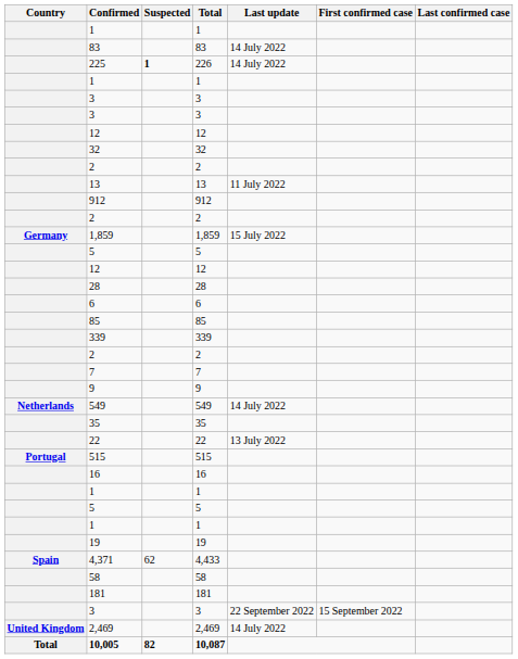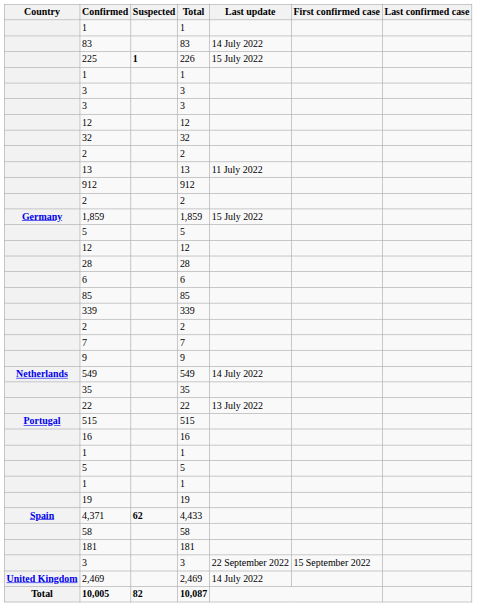 <table class="wikitable sortable plainrowheaders">
 <tr>
 <th scope="col">Country</th>
 <th scope="col" data-sort-type=number>Confirmed</th>
 <th scope="col" data-sort-type=number>Suspected</th>
 <th scope="col" data-sort-type=number>Total</th>
 <th scope="col">Last update</th>
 <th scope="col">First confirmed case</th>
 <th scope="col">Last confirmed case</th>
 </tr>
 <tr>
 <th scope="row"></th>
 <td>1</td>
 <td></td>
 <td>1</td>
 <td></td>
 <td></td>
 <td></td>
 </tr>
 <tr>
 <th scope="row"></th>
 <td>83</td>
 <td></td>
 <td>83</td>
 <td>14 July 2022</td>
 <td></td>
 <td></td>
 </tr>
 <tr>
 <th scope="row"></th>
 <td>225</td>
 <td><strong>1</strong></td>
 <td>226</td>
-<td>14 July 2022</td>
+<td>15 July 2022</td>
 <td></td>
 <td></td>
 </tr>
 <tr>
 <th scope="row"></th>
 <td>1</td>
 <td></td>
 <td>1</td>
 <td></td>
 <td></td>
 <td></td>
 </tr>
 <tr>
 <th scope="row"></th>
 <td>3</td>
 <td></td>
 <td>3</td>
 <td></td>
 <td></td>
 <td></td>
 </tr>
 <tr>
 <th scope="row"></th>
 <td>3</td>
 <td></td>
 <td>3</td>
 <td></td>
 <td></td>
 <td></td>
 </tr>
 <tr>
 <th scope="row"></th>
 <td>12</td>
 <td></td>
 <td>12</td>
 <td></td>
 <td></td>
 <td></td>
 </tr>
 <tr>
 <th scope="row"></th>
 <td>32</td>
 <td></td>
 <td>32</td>
 <td></td>
 <td></td>
 <td></td>
 </tr>
 <tr>
 <th scope="row"></th>
 <td>2</td>
 <td></td>
 <td>2</td>
 <td></td>
 <td></td>
 <td></td>
 </tr>
 <tr>
 <th scope="row"></th>
 <td>13</td>
 <td></td>
 <td>13</td>
 <td>11 July 2022</td>
 <td></td>
 <td></td>
 </tr>
 <tr>
 <th scope="row"></th>
 <td>912</td>
 <td></td>
 <td>912</td>
 <td></td>
 <td></td>
 <td></td>
 </tr>
 <tr>
 <th scope="row"></th>
 <td>2</td>
 <td></td>
 <td>2</td>
 <td></td>
 <td></td>
 <td></td>
 </tr>
 <tr>
 <th scope="row"> <a href='#'>Germany</a></th>
 <td>1,859</td>
 <td></td>
 <td>1,859</td>
 <td>15 July 2022</td>
 <td></td>
 <td></td>
 </tr>
 <tr>
 <th scope="row"><em></em></th>
 <td>5</td>
 <td></td>
 <td>5</td>
 <td></td>
 <td></td>
 <td></td>
 </tr>
 <tr>
 <th scope="row"></th>
 <td>12</td>
 <td></td>
 <td>12</td>
 <td></td>
 <td></td>
 <td></td>
 </tr>
 <tr>
 <th scope="row"></th>
 <td>28</td>
 <td></td>
 <td>28</td>
 <td></td>
 <td></td>
 <td></td>
 </tr>
 <tr>
 <th scope="row"></th>
 <td>6</td>
 <td></td>
 <td>6</td>
 <td></td>
 <td></td>
 <td></td>
 </tr>
 <tr>
 <th scope="row"></th>
 <td>85</td>
 <td></td>
 <td>85</td>
 <td></td>
 <td></td>
 <td></td>
 </tr>
 <tr>
 <th scope="row"></th>
 <td>339</td>
 <td></td>
 <td>339</td>
 <td></td>
 <td></td>
 <td></td>
 </tr>
 <tr>
 <th scope="row"></th>
 <td>2</td>
 <td></td>
 <td>2</td>
 <td></td>
 <td></td>
 <td></td>
 </tr>
 <tr>
 <th scope="row"></th>
 <td>7</td>
 <td></td>
 <td>7</td>
 <td></td>
 <td></td>
 <td></td>
 </tr>
 <tr>
 <th scope="row"></th>
 <td>9</td>
 <td></td>
 <td>9</td>
 <td></td>
 <td></td>
 <td></td>
 </tr>
 <tr>
 <th scope="row"> <a href='#'>Netherlands</a></th>
 <td>549</td>
 <td></td>
 <td>549</td>
 <td>14 July 2022</td>
 <td></td>
 <td></td>
 </tr>
 <tr>
 <th scope="row"></th>
 <td>35</td>
 <td></td>
 <td>35</td>
 <td></td>
 <td></td>
 <td></td>
 </tr>
 <tr>
 <th scope="row"></th>
 <td>22</td>
 <td></td>
 <td>22</td>
 <td>13 July 2022</td>
 <td></td>
 <td></td>
 </tr>
 <tr>
 <th scope="row"> <a href='#'>Portugal</a></th>
 <td>515</td>
 <td></td>
 <td>515</td>
 <td></td>
 <td></td>
 <td></td>
 </tr>
 <tr>
 <th scope="row"></th>
 <td>16</td>
 <td></td>
 <td>16</td>
 <td></td>
 <td></td>
 <td></td>
 </tr>
 <tr>
 <th scope="row"></th>
 <td>1</td>
 <td></td>
 <td>1</td>
 <td></td>
 <td></td>
 <td></td>
 </tr>
 <tr>
 <th scope="row"></th>
 <td>5</td>
 <td></td>
 <td>5</td>
 <td></td>
 <td></td>
 <td></td>
 </tr>
 <tr>
 <th scope="row"></th>
 <td>1</td>
 <td></td>
 <td>1</td>
 <td></td>
 <td></td>
 <td></td>
 </tr>
 <tr>
 <th scope="row"></th>
 <td>19</td>
 <td></td>
 <td>19</td>
 <td></td>
 <td></td>
 <td></td>
 </tr>
 <tr>
 <th scope="row"> <a href='#'>Spain</a></th>
 <td>4,371</td>
-<td>62</td>
+<td><strong>62</strong></td>
 <td>4,433</td>
 <td></td>
 <td></td>
 <td></td>
 </tr>
 <tr>
 <th scope="row"></th>
 <td>58</td>
 <td></td>
 <td>58</td>
 <td></td>
 <td></td>
 <td></td>
 </tr>
 <tr>
 <th scope="row"></th>
 <td>181</td>
 <td></td>
 <td>181</td>
 <td></td>
 <td></td>
 <td></td>
 </tr>
 <tr>
 <th scope="row"></th>
 <td>3</td>
 <td></td>
 <td>3</td>
 <td>22 September 2022</td>
 <td>15 September 2022</td>
 <td></td>
 </tr>
 <tr>
 <th scope="row"> <a href='#'>United Kingdom</a></th>
 <td>2,469</td>
 <td></td>
 <td>2,469</td>
 <td>14 July 2022</td>
 <td></td>
 <td></td>
 </tr>
 <tr class="sortbottom">
 <th scope="row"><strong>Total</strong></th>
 <td><strong>10,005</strong></td>
 <td><strong>82</strong></td>
 <td><strong>10,087</strong></td>
 <td colspan="2"></td>
 <td></td>
 </tr>
 </table>
